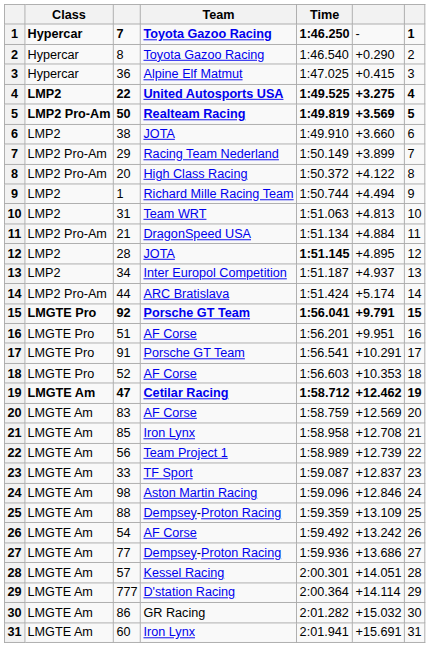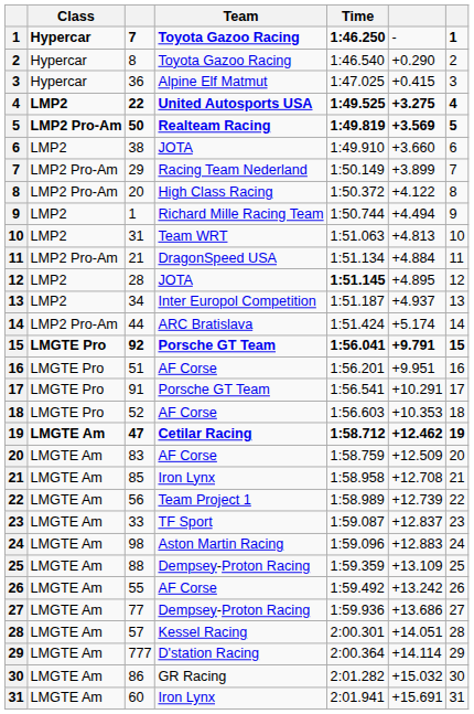 <table class="wikitable" style="font-size: 85%;">
 <tr>
 <th></th>
 <th>Class</th>
 <th></th>
 <th>Team</th>
 <th>Time</th>
 <th></th>
 <th></th>
 </tr>
 <tr>
 <th>1</th>
 <td><strong>Hypercar</strong></td>
 <td><strong>7</strong></td>
 <td><strong> <a href='#'>Toyota Gazoo Racing</a></strong></td>
 <td><strong>1:46.250</strong></td>
 <td>-</td>
 <td><strong>1</strong></td>
 </tr>
 <tr>
 <th>2</th>
 <td>Hypercar</td>
 <td>8</td>
 <td> <a href='#'>Toyota Gazoo Racing</a></td>
 <td>1:46.540</td>
 <td>+0.290</td>
 <td>2</td>
 </tr>
 <tr>
 <th>3</th>
 <td>Hypercar</td>
 <td>36</td>
 <td> <a href='#'>Alpine Elf Matmut</a></td>
 <td>1:47.025</td>
 <td>+0.415</td>
 <td>3</td>
 </tr>
 <tr>
 <th>4</th>
 <td><strong>LMP2</strong></td>
 <td><strong>22</strong></td>
 <td><strong> <a href='#'>United Autosports USA</a></strong></td>
 <td><strong>1:49.525</strong></td>
 <td><strong>+3.275</strong></td>
 <td><strong>4</strong></td>
 </tr>
 <tr>
 <th>5</th>
 <td><strong>LMP2 Pro-Am</strong></td>
 <td><strong>50</strong></td>
 <td><strong> <a href='#'>Realteam Racing</a></strong></td>
 <td><strong>1:49.819</strong></td>
 <td><strong>+3.569</strong></td>
 <td><strong>5</strong></td>
 </tr>
 <tr>
 <th>6</th>
 <td>LMP2</td>
 <td>38</td>
 <td> <a href='#'>JOTA</a></td>
 <td>1:49.910</td>
 <td>+3.660</td>
 <td>6</td>
 </tr>
 <tr>
 <th>7</th>
 <td>LMP2 Pro-Am</td>
 <td>29</td>
 <td> <a href='#'>Racing Team Nederland</a></td>
 <td>1:50.149</td>
 <td>+3.899</td>
 <td>7</td>
 </tr>
 <tr>
 <th>8</th>
 <td>LMP2 Pro-Am</td>
 <td>20</td>
 <td> <a href='#'>High Class Racing</a></td>
 <td>1:50.372</td>
 <td>+4.122</td>
 <td>8</td>
 </tr>
 <tr>
 <th>9</th>
 <td>LMP2</td>
 <td>1</td>
 <td> <a href='#'>Richard Mille Racing Team</a></td>
 <td>1:50.744</td>
 <td>+4.494</td>
 <td>9</td>
 </tr>
 <tr>
 <th>10</th>
 <td>LMP2</td>
 <td>31</td>
 <td> <a href='#'>Team WRT</a></td>
 <td>1:51.063</td>
 <td>+4.813</td>
 <td>10</td>
 </tr>
 <tr>
 <th>11</th>
 <td>LMP2 Pro-Am</td>
 <td>21</td>
 <td> <a href='#'>DragonSpeed USA</a></td>
 <td>1:51.134</td>
 <td>+4.884</td>
 <td>11</td>
 </tr>
 <tr>
 <th>12</th>
 <td>LMP2</td>
 <td>28</td>
 <td> <a href='#'>JOTA</a></td>
 <td><strong>1:51.145</strong></td>
 <td>+4.895</td>
 <td>12</td>
 </tr>
 <tr>
 <th>13</th>
 <td>LMP2</td>
 <td>34</td>
 <td> <a href='#'>Inter Europol Competition</a></td>
 <td>1:51.187</td>
 <td>+4.937</td>
 <td>13</td>
 </tr>
 <tr>
 <th>14</th>
 <td>LMP2 Pro-Am</td>
 <td>44</td>
 <td> <a href='#'>ARC Bratislava</a></td>
 <td>1:51.424</td>
 <td>+5.174</td>
 <td>14</td>
 </tr>
 <tr>
 <th>15</th>
 <td><strong>LMGTE Pro</strong></td>
 <td><strong>92</strong></td>
 <td><strong> <a href='#'>Porsche GT Team</a></strong></td>
 <td><strong>1:56.041</strong></td>
 <td><strong>+9.791</strong></td>
 <td><strong>15</strong></td>
 </tr>
 <tr>
 <th>16</th>
 <td>LMGTE Pro</td>
 <td>51</td>
 <td> <a href='#'>AF Corse</a></td>
 <td>1:56.201</td>
 <td>+9.951</td>
 <td>16</td>
 </tr>
 <tr>
 <th>17</th>
 <td>LMGTE Pro</td>
 <td>91</td>
 <td> <a href='#'>Porsche GT Team</a></td>
 <td>1:56.541</td>
 <td>+10.291</td>
 <td>17</td>
 </tr>
 <tr>
 <th>18</th>
 <td>LMGTE Pro</td>
 <td>52</td>
 <td> <a href='#'>AF Corse</a></td>
 <td>1:56.603</td>
 <td>+10.353</td>
 <td>18</td>
 </tr>
 <tr>
 <th>19</th>
 <td><strong>LMGTE Am</strong></td>
 <td><strong>47</strong></td>
 <td><strong> <a href='#'>Cetilar Racing</a></strong></td>
 <td><strong>1:58.712</strong></td>
 <td><strong>+12.462</strong></td>
 <td><strong>19</strong></td>
 </tr>
 <tr>
 <th>20</th>
 <td>LMGTE Am</td>
 <td>83</td>
 <td> <a href='#'>AF Corse</a></td>
 <td>1:58.759</td>
-<td>+12.569</td>
+<td>+12.509</td>
 <td>20</td>
 </tr>
 <tr>
 <th>21</th>
 <td>LMGTE Am</td>
 <td>85</td>
 <td> <a href='#'>Iron Lynx</a></td>
 <td>1:58.958</td>
 <td>+12.708</td>
 <td>21</td>
 </tr>
 <tr>
 <th>22</th>
 <td>LMGTE Am</td>
 <td>56</td>
 <td> <a href='#'>Team Project 1</a></td>
 <td>1:58.989</td>
 <td>+12.739</td>
 <td>22</td>
 </tr>
 <tr>
 <th>23</th>
 <td>LMGTE Am</td>
 <td>33</td>
 <td> <a href='#'>TF Sport</a></td>
 <td>1:59.087</td>
 <td>+12.837</td>
 <td>23</td>
 </tr>
 <tr>
 <th>24</th>
 <td>LMGTE Am</td>
 <td>98</td>
 <td> <a href='#'>Aston Martin Racing</a></td>
 <td>1:59.096</td>
-<td>+12.846</td>
+<td>+12.883</td>
 <td>24</td>
 </tr>
 <tr>
 <th>25</th>
 <td>LMGTE Am</td>
 <td>88</td>
 <td> <a href='#'>Dempsey</a>-<a href='#'>Proton Racing</a></td>
 <td>1:59.359</td>
 <td>+13.109</td>
 <td>25</td>
 </tr>
 <tr>
 <th>26</th>
 <td>LMGTE Am</td>
-<td>54</td>
+<td>55</td>
 <td> <a href='#'>AF Corse</a></td>
 <td>1:59.492</td>
 <td>+13.242</td>
 <td>26</td>
 </tr>
 <tr>
 <th>27</th>
 <td>LMGTE Am</td>
 <td>77</td>
 <td> <a href='#'>Dempsey</a>-<a href='#'>Proton Racing</a></td>
 <td>1:59.936</td>
 <td>+13.686</td>
 <td>27</td>
 </tr>
 <tr>
 <th>28</th>
 <td>LMGTE Am</td>
 <td>57</td>
 <td> <a href='#'>Kessel Racing</a></td>
 <td>2:00.301</td>
 <td>+14.051</td>
 <td>28</td>
 </tr>
 <tr>
 <th>29</th>
 <td>LMGTE Am</td>
 <td>777</td>
 <td> <a href='#'>D'station Racing</a></td>
 <td>2:00.364</td>
 <td>+14.114</td>
 <td>29</td>
 </tr>
 <tr>
 <th>30</th>
 <td>LMGTE Am</td>
 <td>86</td>
 <td> GR Racing</td>
 <td>2:01.282</td>
 <td>+15.032</td>
 <td>30</td>
 </tr>
 <tr>
 <th>31</th>
 <td>LMGTE Am</td>
 <td>60</td>
 <td> <a href='#'>Iron Lynx</a></td>
 <td>2:01.941</td>
 <td>+15.691</td>
 <td>31</td>
 </tr>
 </table>
